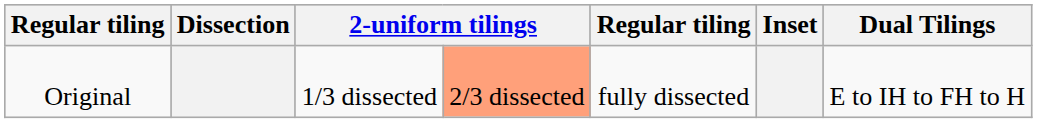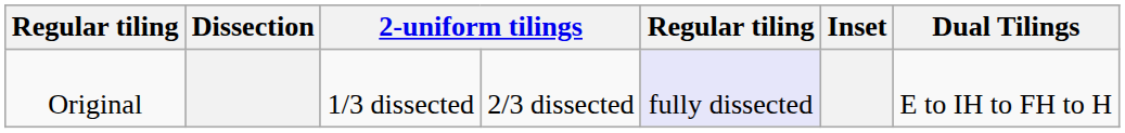 <table class=wikitable>
 <tr>
 <th>Regular tiling</th>
 <th>Dissection</th>
 <th colspan=2><a href='#'>2-uniform tilings</a></th>
 <th>Regular tiling</th>
 <th>Inset</th>
 <th>Dual Tilings</th>
 </tr>
 <tr align=center>
 <td><br>Original</td>
 <th></th>
 <td><br>1/3 dissected</td>
-<td style="background: lightsalmon;"><br>2/3 dissected</td>
-<td><br>fully dissected</td>
+<td><br>2/3 dissected</td>
+<td style="background: lavender;"><br>fully dissected</td>
 <th></th>
 <td><br>E to IH to FH to H</td>
 </tr>
 </table>
